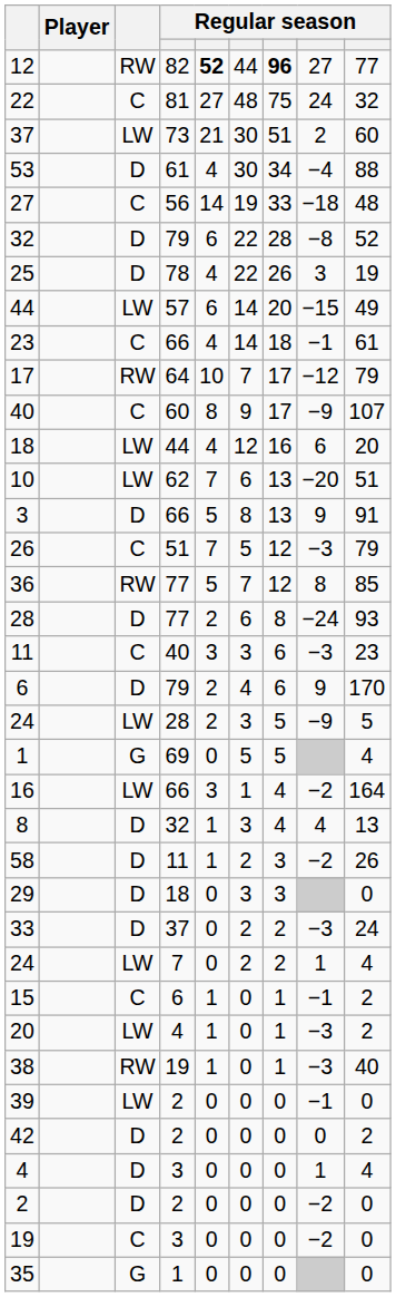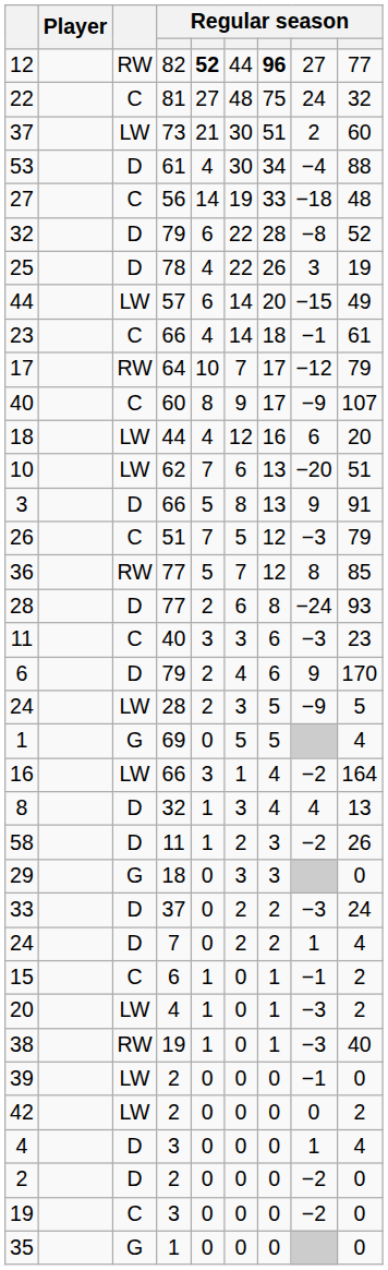 <table class="wikitable sortable plainrowheaders" style="text-align:center;">
 <tr>
 <th scope="col" data-sort-type="number" rowspan="2"></th>
 <th scope="col" rowspan="2">Player</th>
 <th scope="col" rowspan="2"></th>
 <th scope=colgroup colspan=6>Regular season</th>
 </tr>
 <tr>
 <th scope="col" data-sort-type="number"></th>
 <th scope="col" data-sort-type="number"></th>
 <th scope="col" data-sort-type="number"></th>
 <th scope="col" data-sort-type="number"></th>
 <th scope="col" data-sort-type="number"></th>
 <th scope="col" data-sort-type="number"></th>
 </tr>
 <tr>
 <td scope="row">12</td>
 <td align="left"></td>
 <td>RW</td>
 <td>82</td>
 <td><strong>52</strong></td>
 <td>44</td>
 <td><strong>96</strong></td>
 <td>27</td>
 <td>77</td>
 </tr>
 <tr>
 <td scope="row">22</td>
 <td align="left"></td>
 <td>C</td>
 <td>81</td>
 <td>27</td>
 <td>48</td>
 <td>75</td>
 <td>24</td>
 <td>32</td>
 </tr>
 <tr>
 <td scope="row">37</td>
 <td align="left"></td>
 <td>LW</td>
 <td>73</td>
 <td>21</td>
 <td>30</td>
 <td>51</td>
 <td>2</td>
 <td>60</td>
 </tr>
 <tr>
 <td scope="row">53</td>
 <td align="left"></td>
 <td>D</td>
 <td>61</td>
 <td>4</td>
 <td>30</td>
 <td>34</td>
 <td>−4</td>
 <td>88</td>
 </tr>
 <tr>
 <td scope="row">27</td>
 <td align="left"></td>
 <td>C</td>
 <td>56</td>
 <td>14</td>
 <td>19</td>
 <td>33</td>
 <td>−18</td>
 <td>48</td>
 </tr>
 <tr>
 <td scope="row">32</td>
 <td align="left"></td>
 <td>D</td>
 <td>79</td>
 <td>6</td>
 <td>22</td>
 <td>28</td>
 <td>−8</td>
 <td>52</td>
 </tr>
 <tr>
 <td scope="row">25</td>
 <td align="left"></td>
 <td>D</td>
 <td>78</td>
 <td>4</td>
 <td>22</td>
 <td>26</td>
 <td>3</td>
 <td>19</td>
 </tr>
 <tr>
 <td scope="row">44</td>
 <td align="left"></td>
 <td>LW</td>
 <td>57</td>
 <td>6</td>
 <td>14</td>
 <td>20</td>
 <td>−15</td>
 <td>49</td>
 </tr>
 <tr>
 <td scope="row">23</td>
 <td align="left"></td>
 <td>C</td>
 <td>66</td>
 <td>4</td>
 <td>14</td>
 <td>18</td>
 <td>−1</td>
 <td>61</td>
 </tr>
 <tr>
 <td scope="row">17</td>
 <td align="left"></td>
 <td>RW</td>
 <td>64</td>
 <td>10</td>
 <td>7</td>
 <td>17</td>
 <td>−12</td>
 <td>79</td>
 </tr>
 <tr>
 <td scope="row">40</td>
 <td align="left"></td>
 <td>C</td>
 <td>60</td>
 <td>8</td>
 <td>9</td>
 <td>17</td>
 <td>−9</td>
 <td>107</td>
 </tr>
 <tr>
 <td scope="row">18</td>
 <td align="left"></td>
 <td>LW</td>
 <td>44</td>
 <td>4</td>
 <td>12</td>
 <td>16</td>
 <td>6</td>
 <td>20</td>
 </tr>
 <tr>
 <td scope="row">10</td>
 <td align="left"></td>
 <td>LW</td>
 <td>62</td>
 <td>7</td>
 <td>6</td>
 <td>13</td>
 <td>−20</td>
 <td>51</td>
 </tr>
 <tr>
 <td scope="row">3</td>
 <td align="left"></td>
 <td>D</td>
 <td>66</td>
 <td>5</td>
 <td>8</td>
 <td>13</td>
 <td>9</td>
 <td>91</td>
 </tr>
 <tr>
 <td scope="row">26</td>
 <td align="left"></td>
 <td>C</td>
 <td>51</td>
 <td>7</td>
 <td>5</td>
 <td>12</td>
 <td>−3</td>
 <td>79</td>
 </tr>
 <tr>
 <td scope="row">36</td>
 <td align="left"></td>
 <td>RW</td>
 <td>77</td>
 <td>5</td>
 <td>7</td>
 <td>12</td>
 <td>8</td>
 <td>85</td>
 </tr>
 <tr>
 <td scope="row">28</td>
 <td align="left"></td>
 <td>D</td>
 <td>77</td>
 <td>2</td>
 <td>6</td>
 <td>8</td>
 <td>−24</td>
 <td>93</td>
 </tr>
 <tr>
 <td scope="row">11</td>
 <td align="left"></td>
 <td>C</td>
 <td>40</td>
 <td>3</td>
 <td>3</td>
 <td>6</td>
 <td>−3</td>
 <td>23</td>
 </tr>
 <tr>
 <td scope="row">6</td>
 <td align="left"></td>
 <td>D</td>
 <td>79</td>
 <td>2</td>
 <td>4</td>
 <td>6</td>
 <td>9</td>
 <td>170</td>
 </tr>
 <tr>
 <td scope="row">24</td>
 <td align="left"></td>
 <td>LW</td>
 <td>28</td>
 <td>2</td>
 <td>3</td>
 <td>5</td>
 <td>−9</td>
 <td>5</td>
 </tr>
 <tr>
 <td scope="row">1</td>
 <td align="left"></td>
 <td>G</td>
 <td>69</td>
 <td>0</td>
 <td>5</td>
 <td>5</td>
 <td style="background:#ccc"></td>
 <td>4</td>
 </tr>
 <tr>
 <td scope="row">16</td>
 <td align="left"></td>
 <td>LW</td>
 <td>66</td>
 <td>3</td>
 <td>1</td>
 <td>4</td>
 <td>−2</td>
 <td>164</td>
 </tr>
 <tr>
 <td scope="row">8</td>
 <td align="left"></td>
 <td>D</td>
 <td>32</td>
 <td>1</td>
 <td>3</td>
 <td>4</td>
 <td>4</td>
 <td>13</td>
 </tr>
 <tr>
 <td scope="row">58</td>
 <td align="left"></td>
 <td>D</td>
 <td>11</td>
 <td>1</td>
 <td>2</td>
 <td>3</td>
 <td>−2</td>
 <td>26</td>
 </tr>
 <tr>
 <td scope="row">29</td>
 <td align="left"></td>
-<td>D</td>
+<td>G</td>
 <td>18</td>
 <td>0</td>
 <td>3</td>
 <td>3</td>
 <td style="background:#ccc"></td>
 <td>0</td>
 </tr>
 <tr>
 <td scope="row">33</td>
 <td align="left"></td>
 <td>D</td>
 <td>37</td>
 <td>0</td>
 <td>2</td>
 <td>2</td>
 <td>−3</td>
 <td>24</td>
 </tr>
 <tr>
 <td scope="row">24</td>
 <td align="left"></td>
-<td>LW</td>
+<td>D</td>
 <td>7</td>
 <td>0</td>
 <td>2</td>
 <td>2</td>
 <td>1</td>
 <td>4</td>
 </tr>
 <tr>
 <td scope="row">15</td>
 <td align="left"></td>
 <td>C</td>
 <td>6</td>
 <td>1</td>
 <td>0</td>
 <td>1</td>
 <td>−1</td>
 <td>2</td>
 </tr>
 <tr>
 <td scope="row">20</td>
 <td align="left"></td>
 <td>LW</td>
 <td>4</td>
 <td>1</td>
 <td>0</td>
 <td>1</td>
 <td>−3</td>
 <td>2</td>
 </tr>
 <tr>
 <td scope="row">38</td>
 <td align="left"></td>
 <td>RW</td>
 <td>19</td>
 <td>1</td>
 <td>0</td>
 <td>1</td>
 <td>−3</td>
 <td>40</td>
 </tr>
 <tr>
 <td scope="row">39</td>
 <td align="left"></td>
 <td>LW</td>
 <td>2</td>
 <td>0</td>
 <td>0</td>
 <td>0</td>
 <td>−1</td>
 <td>0</td>
 </tr>
 <tr>
 <td scope="row">42</td>
 <td align="left"></td>
-<td>D</td>
+<td>LW</td>
 <td>2</td>
 <td>0</td>
 <td>0</td>
 <td>0</td>
 <td>0</td>
 <td>2</td>
 </tr>
 <tr>
 <td scope="row">4</td>
 <td align="left"></td>
 <td>D</td>
 <td>3</td>
 <td>0</td>
 <td>0</td>
 <td>0</td>
 <td>1</td>
 <td>4</td>
 </tr>
 <tr>
 <td scope="row">2</td>
 <td align="left"></td>
 <td>D</td>
 <td>2</td>
 <td>0</td>
 <td>0</td>
 <td>0</td>
 <td>−2</td>
 <td>0</td>
 </tr>
 <tr>
 <td scope="row">19</td>
 <td align="left"></td>
 <td>C</td>
 <td>3</td>
 <td>0</td>
 <td>0</td>
 <td>0</td>
 <td>−2</td>
 <td>0</td>
 </tr>
 <tr>
 <td scope="row">35</td>
 <td align="left"></td>
 <td>G</td>
 <td>1</td>
 <td>0</td>
 <td>0</td>
 <td>0</td>
 <td style="background:#ccc"></td>
 <td>0</td>
 </tr>
 </table>
